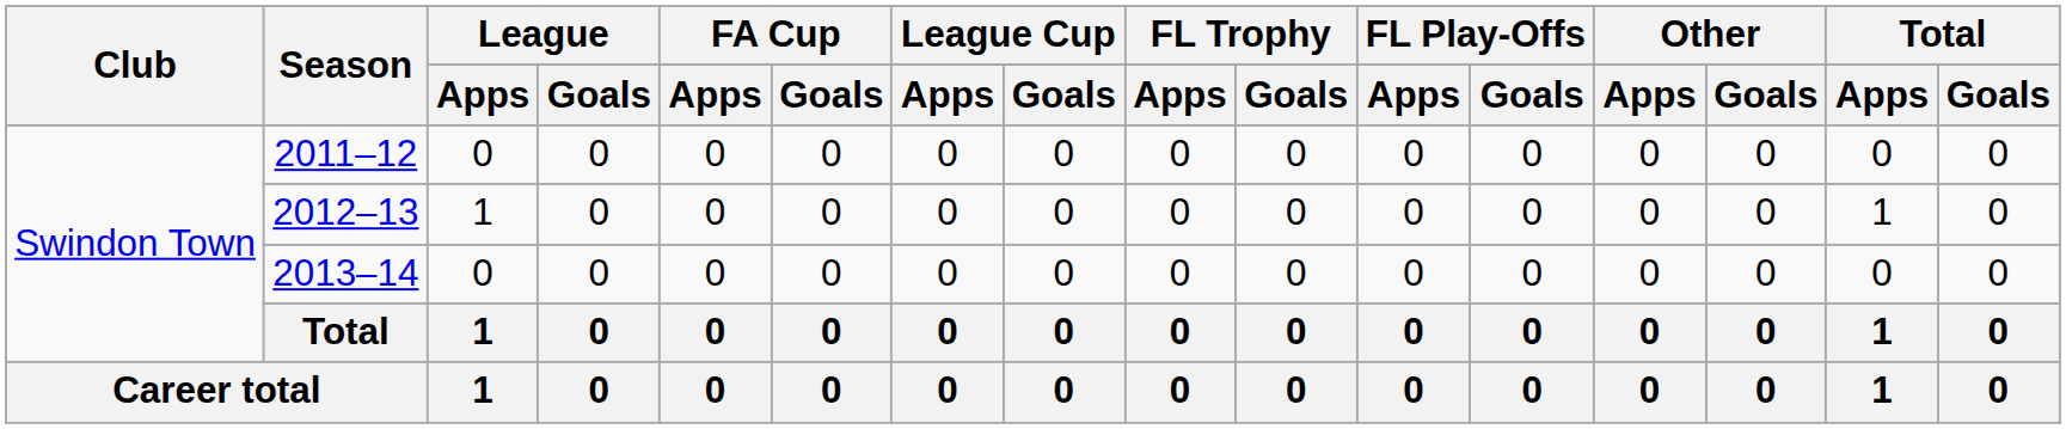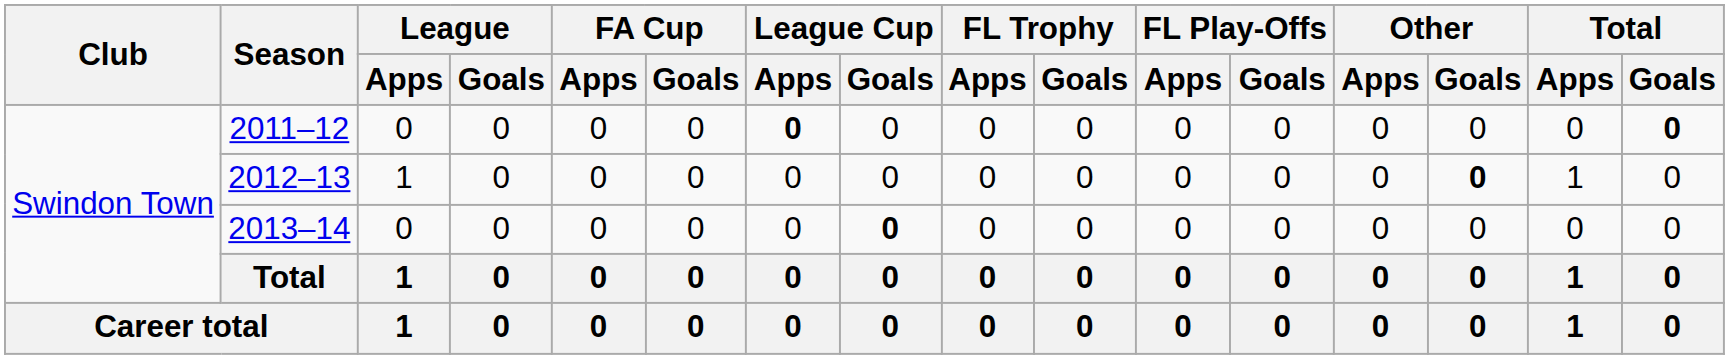 <table class="wikitable" style="text-align:center;">
 <tr>
 <th rowspan="2">Club</th>
 <th rowspan="2">Season</th>
 <th colspan="2">League</th>
 <th colspan="2">FA Cup</th>
 <th colspan="2">League Cup</th>
 <th colspan="2">FL Trophy</th>
 <th colspan="2">FL Play-Offs</th>
 <th colspan="2">Other</th>
 <th colspan="2">Total</th>
 </tr>
 <tr>
 <th>Apps</th>
 <th>Goals</th>
 <th>Apps</th>
 <th>Goals</th>
 <th>Apps</th>
 <th>Goals</th>
 <th>Apps</th>
 <th>Goals</th>
 <th>Apps</th>
 <th>Goals</th>
 <th>Apps</th>
 <th>Goals</th>
 <th>Apps</th>
 <th>Goals</th>
 </tr>
 <tr>
 <td rowspan="4"><a href='#'>Swindon Town</a></td>
 <td><a href='#'>2011–12</a></td>
 <td>0</td>
 <td>0</td>
 <td>0</td>
 <td>0</td>
+<td><strong>0</strong></td>
 <td>0</td>
 <td>0</td>
 <td>0</td>
 <td>0</td>
 <td>0</td>
 <td>0</td>
 <td>0</td>
 <td>0</td>
-<td>0</td>
-<td>0</td>
+<td><strong>0</strong></td>
 </tr>
 <tr>
 <td><a href='#'>2012–13</a></td>
 <td>1</td>
 <td>0</td>
 <td>0</td>
 <td>0</td>
 <td>0</td>
 <td>0</td>
 <td>0</td>
 <td>0</td>
 <td>0</td>
 <td>0</td>
 <td>0</td>
-<td>0</td>
+<td><strong>0</strong></td>
 <td>1</td>
 <td>0</td>
 </tr>
 <tr>
 <td><a href='#'>2013–14</a></td>
 <td>0</td>
 <td>0</td>
 <td>0</td>
 <td>0</td>
 <td>0</td>
-<td>0</td>
+<td><strong>0</strong></td>
 <td>0</td>
 <td>0</td>
 <td>0</td>
 <td>0</td>
 <td>0</td>
 <td>0</td>
 <td>0</td>
 <td>0</td>
 </tr>
 <tr>
 <th>Total</th>
 <th>1</th>
 <th>0</th>
 <th>0</th>
 <th>0</th>
 <th>0</th>
 <th>0</th>
 <th>0</th>
 <th>0</th>
 <th>0</th>
 <th>0</th>
 <th>0</th>
 <th>0</th>
 <th>1</th>
 <th>0</th>
 </tr>
 <tr>
 <th colspan="2">Career total</th>
 <th>1</th>
 <th>0</th>
 <th>0</th>
 <th>0</th>
 <th>0</th>
 <th>0</th>
 <th>0</th>
 <th>0</th>
 <th>0</th>
 <th>0</th>
 <th>0</th>
 <th>0</th>
 <th>1</th>
 <th>0</th>
 </tr>
 </table>
